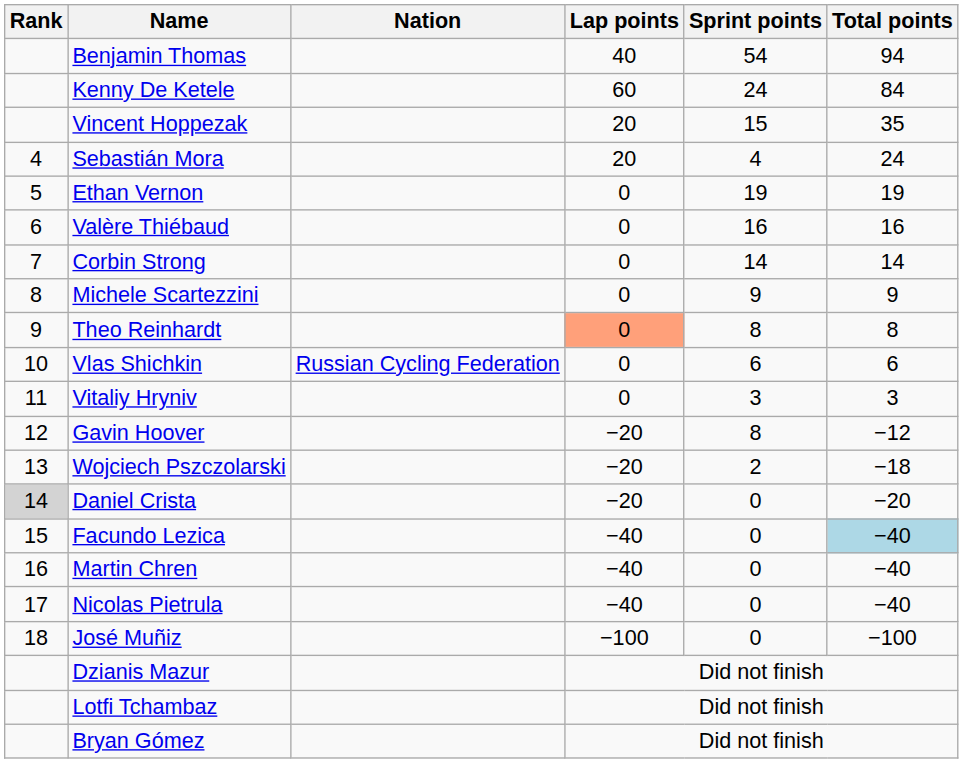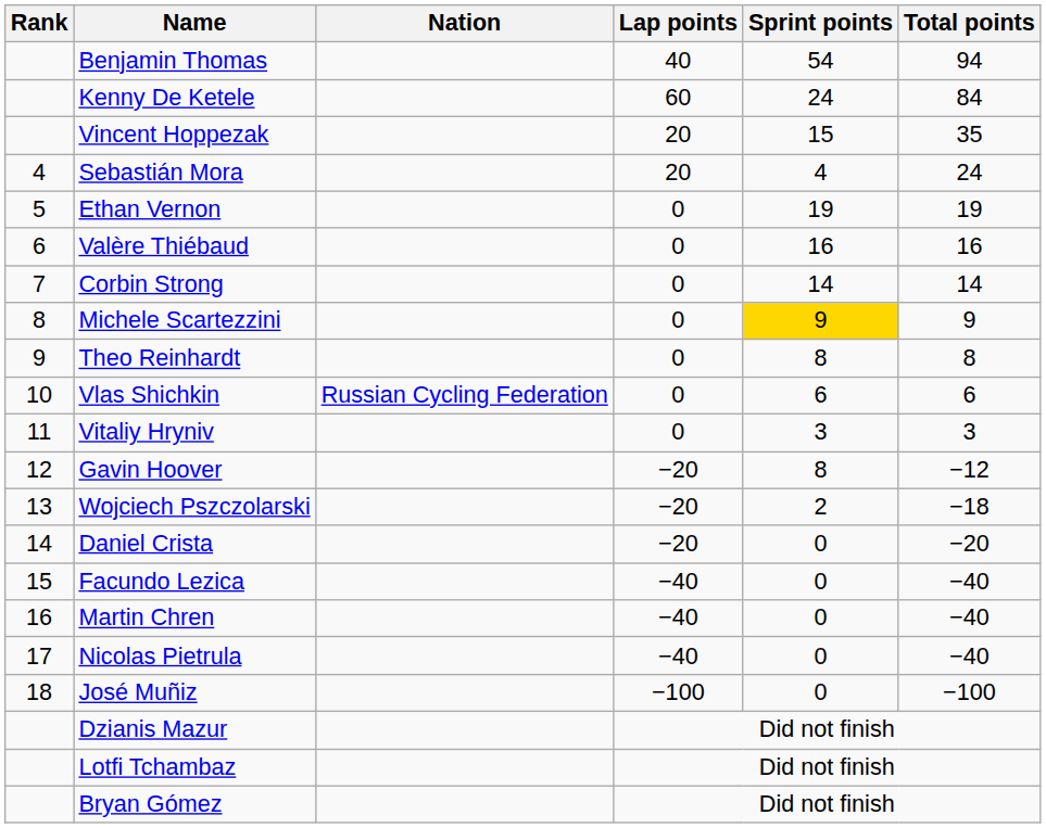 <table class="wikitable sortable" style="text-align:center">
 <tr>
 <th>Rank</th>
 <th>Name</th>
 <th>Nation</th>
 <th>Lap points</th>
 <th>Sprint points</th>
 <th>Total points</th>
 </tr>
 <tr>
 <td></td>
 <td align=left><a href='#'>Benjamin Thomas</a></td>
 <td align=left></td>
 <td>40</td>
 <td>54</td>
 <td>94</td>
 </tr>
 <tr>
 <td></td>
 <td align=left><a href='#'>Kenny De Ketele</a></td>
 <td align=left></td>
 <td>60</td>
 <td>24</td>
 <td>84</td>
 </tr>
 <tr>
 <td></td>
 <td align=left><a href='#'>Vincent Hoppezak</a></td>
 <td align=left></td>
 <td>20</td>
 <td>15</td>
 <td>35</td>
 </tr>
 <tr>
 <td>4</td>
 <td align=left><a href='#'>Sebastián Mora</a></td>
 <td align=left></td>
 <td>20</td>
 <td>4</td>
 <td>24</td>
 </tr>
 <tr>
 <td>5</td>
 <td align=left><a href='#'>Ethan Vernon</a></td>
 <td align=left></td>
 <td>0</td>
 <td>19</td>
 <td>19</td>
 </tr>
 <tr>
 <td>6</td>
 <td align=left><a href='#'>Valère Thiébaud</a></td>
 <td align=left></td>
 <td>0</td>
 <td>16</td>
 <td>16</td>
 </tr>
 <tr>
 <td>7</td>
 <td align=left><a href='#'>Corbin Strong</a></td>
 <td align=left></td>
 <td>0</td>
 <td>14</td>
 <td>14</td>
 </tr>
 <tr>
 <td>8</td>
 <td align=left><a href='#'>Michele Scartezzini</a></td>
 <td align=left></td>
 <td>0</td>
-<td>9</td>
+<td style="background: gold;">9</td>
 <td>9</td>
 </tr>
 <tr>
 <td>9</td>
 <td align=left><a href='#'>Theo Reinhardt</a></td>
 <td align=left></td>
-<td style="background: lightsalmon;">0</td>
+<td>0</td>
 <td>8</td>
 <td>8</td>
 </tr>
 <tr>
 <td>10</td>
 <td align=left><a href='#'>Vlas Shichkin</a></td>
 <td align=left><a href='#'>Russian Cycling Federation</a></td>
 <td>0</td>
 <td>6</td>
 <td>6</td>
 </tr>
 <tr>
 <td>11</td>
 <td align=left><a href='#'>Vitaliy Hryniv</a></td>
 <td align=left></td>
 <td>0</td>
 <td>3</td>
 <td>3</td>
 </tr>
 <tr>
 <td>12</td>
 <td align=left><a href='#'>Gavin Hoover</a></td>
 <td align=left></td>
 <td>−20</td>
 <td>8</td>
 <td>−12</td>
 </tr>
 <tr>
 <td>13</td>
 <td align=left><a href='#'>Wojciech Pszczolarski</a></td>
 <td align=left></td>
 <td>−20</td>
 <td>2</td>
 <td>−18</td>
 </tr>
 <tr>
-<td style="background: lightgrey;">14</td>
+<td>14</td>
 <td align=left><a href='#'>Daniel Crista</a></td>
 <td align=left></td>
 <td>−20</td>
 <td>0</td>
 <td>−20</td>
 </tr>
 <tr>
 <td>15</td>
 <td align=left><a href='#'>Facundo Lezica</a></td>
 <td align=left></td>
 <td>−40</td>
 <td>0</td>
-<td style="background: lightblue;">−40</td>
+<td>−40</td>
 </tr>
 <tr>
 <td>16</td>
 <td align=left><a href='#'>Martin Chren</a></td>
 <td align=left></td>
 <td>−40</td>
 <td>0</td>
 <td>−40</td>
 </tr>
 <tr>
 <td>17</td>
 <td align=left><a href='#'>Nicolas Pietrula</a></td>
 <td align=left></td>
 <td>−40</td>
 <td>0</td>
 <td>−40</td>
 </tr>
 <tr>
 <td>18</td>
 <td align=left><a href='#'>José Muñiz</a></td>
 <td align=left></td>
 <td>−100</td>
 <td>0</td>
 <td>−100</td>
 </tr>
 <tr>
 <td></td>
 <td align=left><a href='#'>Dzianis Mazur</a></td>
 <td align=left></td>
 <td colspan=3>Did not finish</td>
 </tr>
 <tr>
 <td></td>
 <td align=left><a href='#'>Lotfi Tchambaz</a></td>
 <td align=left></td>
 <td colspan=3>Did not finish</td>
 </tr>
 <tr>
 <td></td>
 <td align=left><a href='#'>Bryan Gómez</a></td>
 <td align=left></td>
 <td colspan=3>Did not finish</td>
 </tr>
 </table>
